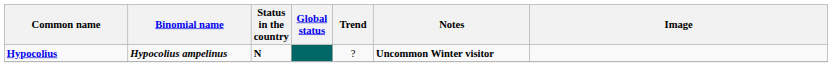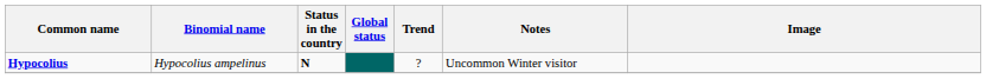 <table class="wikitable sortable">
 <tr>
 <th width="15%">Common name</th>
 <th width="15%"><a href='#'>Binomial name</a></th>
 <th data-sort-type="number" width="1%">Status in the country</th>
 <th width="5%"><a href='#'>Global status</a></th>
 <th width="5%">Trend</th>
 <th width="19%">Notes</th>
 <th class="unsortable">Image</th>
 </tr>
 <tr>
 <td><strong><a href='#'>Hypocolius</a></strong></td>
-<td><strong><em>Hypocolius ampelinus</em></strong></td>
+<td><em>Hypocolius ampelinus</em></td>
 <td><strong>N</strong></td>
 <td align=center style="background: #006666"></td>
 <td align=center>?</td>
-<td><strong>Uncommon Winter visitor</strong></td>
+<td>Uncommon Winter visitor</td>
 <td></td>
 </tr>
 <tr>
 </tr>
 </table>
